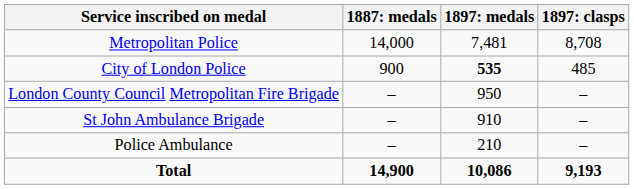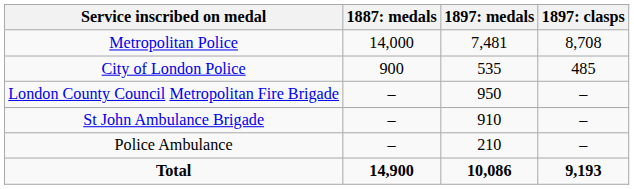 <table class="wikitable" border="1">
 <tr>
 <th>Service inscribed on medal</th>
 <th>1887: medals</th>
 <th>1897: medals</th>
 <th>1897: clasps</th>
 </tr>
 <tr>
 <td align=center><a href='#'>Metropolitan Police</a></td>
 <td align=center>14,000</td>
 <td align=center>7,481</td>
 <td align=center>8,708</td>
 </tr>
 <tr>
 <td align=center><a href='#'>City of London Police</a></td>
 <td align=center>900</td>
-<td align=center><strong>535</strong></td>
+<td align=center>535</td>
 <td align=center>485</td>
 </tr>
 <tr>
 <td align=center><a href='#'>London County Council</a> <a href='#'>Metropolitan Fire Brigade</a></td>
 <td align=center>–</td>
 <td align=center>950</td>
 <td align=center>–</td>
 </tr>
 <tr>
 <td align=center><a href='#'>St John Ambulance Brigade</a></td>
 <td align=center>–</td>
 <td align=center>910</td>
 <td align=center>–</td>
 </tr>
 <tr>
 <td align=center>Police Ambulance</td>
 <td align=center>–</td>
 <td align=center>210</td>
 <td align=center>–</td>
 </tr>
 <tr>
 <td align=center><strong>Total</strong></td>
 <td align=center><strong>14,900</strong></td>
 <td align=center><strong>10,086</strong></td>
 <td align=center><strong>9,193</strong></td>
 </tr>
 </table>
